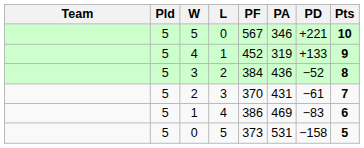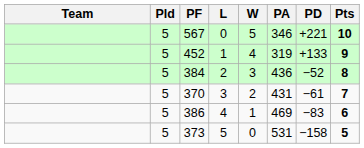 <table class=wikitable style="text-align:center">
 <tr>
 <th width=180>Team</th>
 <th width=30>Pld</th>
+<th width=30>PF</th>
+<th width=30>L</th>
 <th width=30>W</th>
-<th width=30>L</th>
-<th width=30>PF</th>
 <th width=30>PA</th>
 <th width=30>PD</th>
 <th width=30>Pts</th>
 </tr>
 <tr bgcolor="#ccffcc">
 <td align="left"></td>
 <td>5</td>
+<td>567</td>
+<td>0</td>
 <td>5</td>
-<td>0</td>
-<td>567</td>
 <td>346</td>
 <td>+221</td>
 <td><strong>10</strong></td>
 </tr>
 <tr bgcolor="#ccffcc">
 <td align="left"></td>
 <td>5</td>
+<td>452</td>
+<td>1</td>
 <td>4</td>
-<td>1</td>
-<td>452</td>
 <td>319</td>
 <td>+133</td>
 <td><strong>9</strong></td>
 </tr>
 <tr bgcolor="#ccffcc">
 <td align="left"></td>
 <td>5</td>
+<td>384</td>
+<td>2</td>
 <td>3</td>
-<td>2</td>
-<td>384</td>
 <td>436</td>
 <td>−52</td>
 <td><strong>8</strong></td>
 </tr>
 <tr>
 <td align="left"></td>
 <td>5</td>
+<td>370</td>
+<td>3</td>
 <td>2</td>
-<td>3</td>
-<td>370</td>
 <td>431</td>
 <td>−61</td>
 <td><strong>7</strong></td>
 </tr>
 <tr>
 <td align="left"></td>
 <td>5</td>
+<td>386</td>
+<td>4</td>
 <td>1</td>
-<td>4</td>
-<td>386</td>
 <td>469</td>
 <td>−83</td>
 <td><strong>6</strong></td>
 </tr>
 <tr>
 <td align="left"></td>
 <td>5</td>
+<td>373</td>
+<td>5</td>
 <td>0</td>
-<td>5</td>
-<td>373</td>
 <td>531</td>
 <td>−158</td>
 <td><strong>5</strong></td>
 </tr>
 </table>
